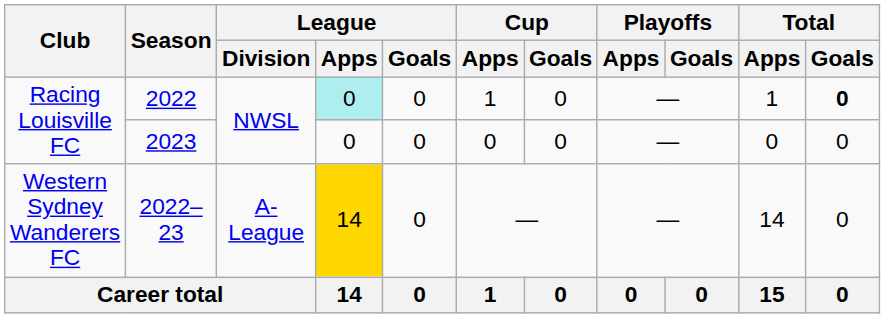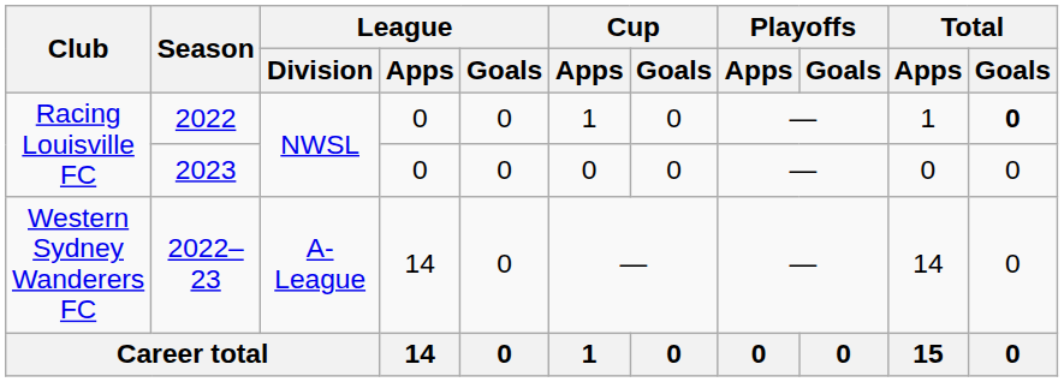 <table class="wikitable" style="text-align: center;">
 <tr>
 <th rowspan="2">Club</th>
 <th rowspan="2">Season</th>
 <th colspan="3">League</th>
 <th colspan="2">Cup</th>
 <th colspan="2">Playoffs</th>
 <th colspan="2">Total</th>
 </tr>
 <tr>
 <th>Division</th>
 <th>Apps</th>
 <th>Goals</th>
 <th>Apps</th>
 <th>Goals</th>
 <th>Apps</th>
 <th>Goals</th>
 <th>Apps</th>
 <th>Goals</th>
 </tr>
 <tr>
 <td rowspan="2"><a href='#'>Racing Louisville FC</a></td>
 <td><a href='#'>2022</a></td>
 <td rowspan="2"><a href='#'>NWSL</a></td>
-<td style="background: paleturquoise;">0</td>
+<td>0</td>
 <td>0</td>
 <td>1</td>
 <td>0</td>
 <td colspan="2">—</td>
 <td>1</td>
 <td><strong>0</strong></td>
 </tr>
 <tr>
 <td><a href='#'>2023</a></td>
 <td>0</td>
 <td>0</td>
 <td>0</td>
 <td>0</td>
 <td colspan="2">—</td>
 <td>0</td>
 <td>0</td>
 </tr>
 <tr>
 <td><a href='#'>Western Sydney Wanderers FC</a></td>
 <td><a href='#'>2022–23</a></td>
 <td><a href='#'>A-League</a></td>
-<td style="background: gold;">14</td>
+<td>14</td>
 <td>0</td>
 <td colspan="2">—</td>
 <td colspan="2">—</td>
 <td>14</td>
 <td>0</td>
 </tr>
 <tr>
 <th colspan="3">Career total</th>
 <th>14</th>
 <th>0</th>
 <th>1</th>
 <th>0</th>
 <th>0</th>
 <th>0</th>
 <th>15</th>
 <th>0</th>
 </tr>
 </table>
